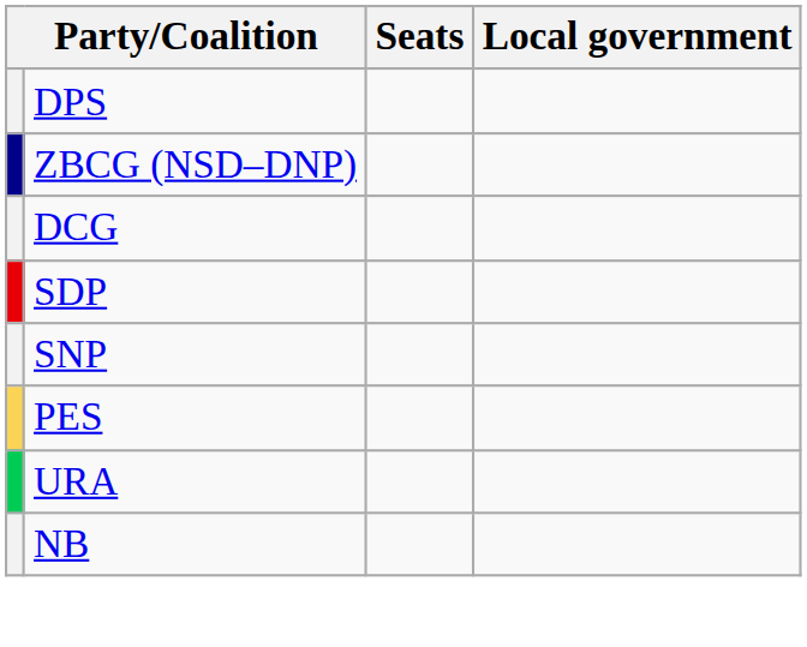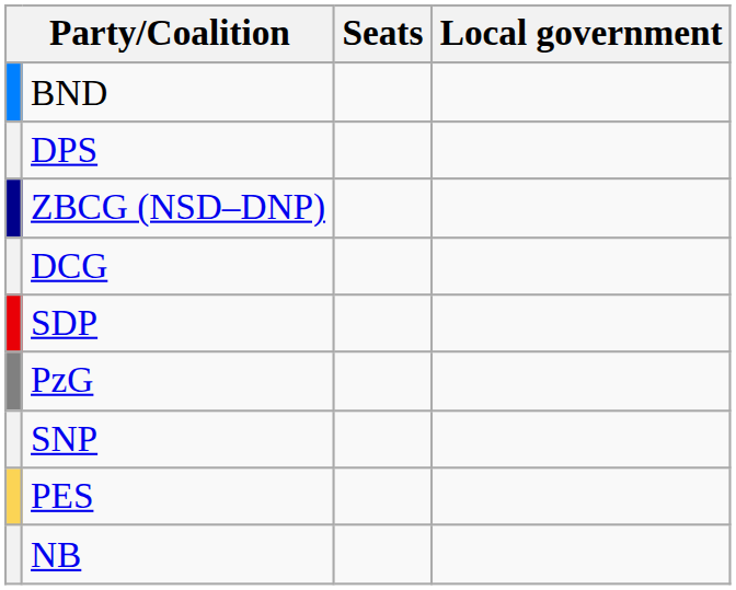 <table class="wikitable" style="text-align:left;">
 <tr>
 <th colspan=2>Party/Coalition</th>
 <th>Seats</th>
 <th>Local government</th>
+</tr>
+<tr>
+<th style="background-color: #0080FF"></th>
+<td>BND</td>
+<td></td>
+<td></td>
 </tr>
 <tr>
 <th style="background-color: "></th>
 <td><a href='#'>DPS</a></td>
 <td></td>
 <td></td>
 </tr>
 <tr>
 <th style="background-color: darkblue"></th>
 <td><a href='#'>ZBCG (NSD–DNP)</a></td>
 <td></td>
 <td></td>
 </tr>
 <tr>
 <th style="background-color: "></th>
 <td><a href='#'>DCG</a></td>
 <td></td>
 <td></td>
 </tr>
 <tr>
 <th style="background-color: #E90007"></th>
 <td><a href='#'>SDP</a></td>
 <td></td>
 <td></td>
 </tr>
 <tr>
+<th style="background-color: grey"></th>
+<td><a href='#'>PzG</a></td>
+<td></td>
+<td></td>
+</tr>
+<tr>
 <th style="background-color: "></th>
 <td><a href='#'>SNP</a></td>
 <td></td>
 <td></td>
 </tr>
 <tr>
 <th style="background-color: #FBD455"></th>
 <td><a href='#'>PES</a></td>
 <td></td>
 <td></td>
 </tr>
 <tr>
-<th style="background-color: #00cc55"></th>
-<td><a href='#'>URA</a></td>
-<td></td>
-<td></td>
-</tr>
-<tr>
 <th style="background-color: "></th>
 <td><a href='#'>NB</a></td>
 <td></td>
 <td></td>
 </tr>
 </table>
